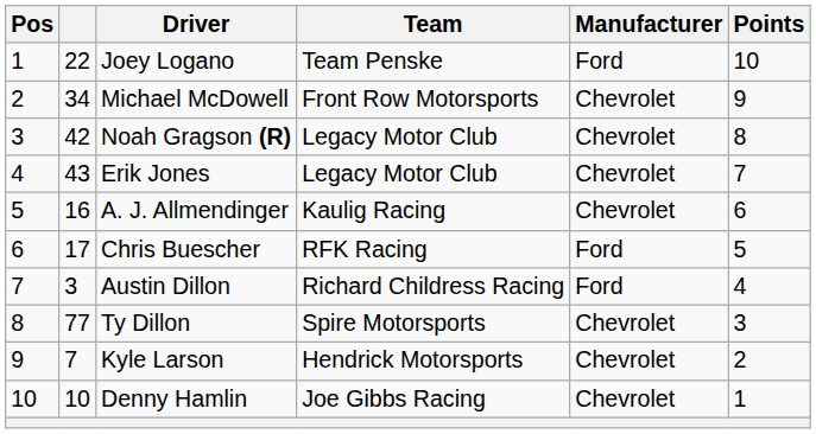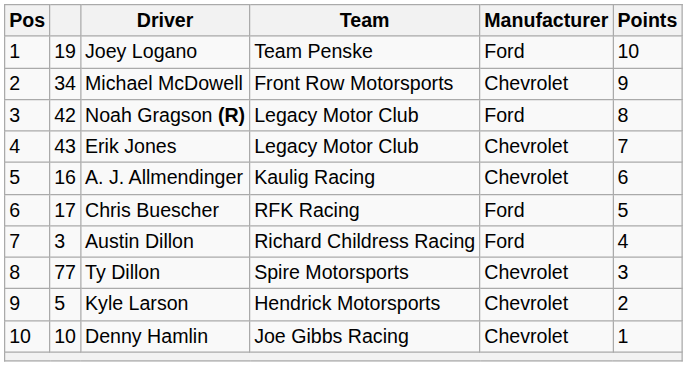 <table class="wikitable" style="font-size:98%">
 <tr>
 <th>Pos</th>
 <th></th>
 <th>Driver</th>
 <th>Team</th>
 <th>Manufacturer</th>
 <th>Points</th>
 </tr>
 <tr>
 <td>1</td>
-<td>22</td>
+<td>19</td>
 <td>Joey Logano</td>
 <td>Team Penske</td>
 <td>Ford</td>
 <td>10</td>
 </tr>
 <tr>
 <td>2</td>
 <td>34</td>
 <td>Michael McDowell</td>
 <td>Front Row Motorsports</td>
 <td>Chevrolet</td>
 <td>9</td>
 </tr>
 <tr>
 <td>3</td>
 <td>42</td>
 <td>Noah Gragson <strong>(R)</strong></td>
 <td>Legacy Motor Club</td>
-<td>Chevrolet</td>
+<td>Ford</td>
 <td>8</td>
 </tr>
 <tr>
 <td>4</td>
 <td>43</td>
 <td>Erik Jones</td>
 <td>Legacy Motor Club</td>
 <td>Chevrolet</td>
 <td>7</td>
 </tr>
 <tr>
 <td>5</td>
 <td>16</td>
 <td>A. J. Allmendinger</td>
 <td>Kaulig Racing</td>
 <td>Chevrolet</td>
 <td>6</td>
 </tr>
 <tr>
 <td>6</td>
 <td>17</td>
 <td>Chris Buescher</td>
 <td>RFK Racing</td>
 <td>Ford</td>
 <td>5</td>
 </tr>
 <tr>
 <td>7</td>
 <td>3</td>
 <td>Austin Dillon</td>
 <td>Richard Childress Racing</td>
 <td>Ford</td>
 <td>4</td>
 </tr>
 <tr>
 <td>8</td>
 <td>77</td>
 <td>Ty Dillon</td>
 <td>Spire Motorsports</td>
 <td>Chevrolet</td>
 <td>3</td>
 </tr>
 <tr>
 <td>9</td>
-<td>7</td>
+<td>5</td>
 <td>Kyle Larson</td>
 <td>Hendrick Motorsports</td>
 <td>Chevrolet</td>
 <td>2</td>
 </tr>
 <tr>
 <td>10</td>
 <td>10</td>
 <td>Denny Hamlin</td>
 <td>Joe Gibbs Racing</td>
 <td>Chevrolet</td>
 <td>1</td>
 </tr>
 <tr>
 <th colspan="6"></th>
 </tr>
 </table>
